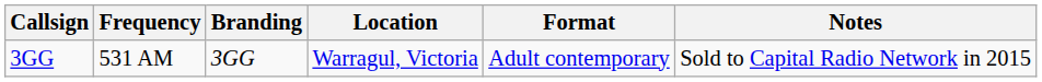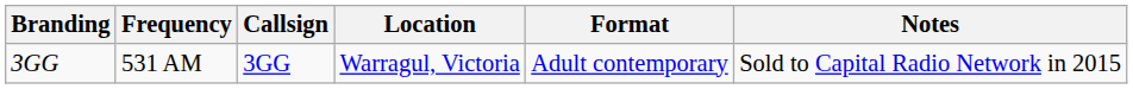 <table class="wikitable sortable">
 <tr>
+<th>Branding</th>
+<th>Frequency</th>
 <th>Callsign</th>
-<th>Frequency</th>
-<th>Branding</th>
 <th>Location</th>
 <th>Format</th>
 <th>Notes</th>
 </tr>
 <tr>
+<td><em>3GG</em></td>
+<td>531 AM</td>
 <td><a href='#'>3GG</a></td>
-<td>531 AM</td>
-<td><em>3GG</em></td>
 <td><a href='#'>Warragul, Victoria</a></td>
 <td><a href='#'>Adult contemporary</a></td>
 <td>Sold to <a href='#'>Capital Radio Network</a> in 2015</td>
 </tr>
 </table>
